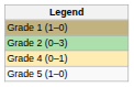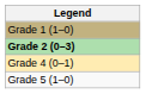 <table class="wikitable" style="font-size:85%;" width="11%">
 <tr>
 <th>Legend</th>
 </tr>
 <tr bgcolor="#C2B280">
 <td>Grade 1 (1–0)</td>
 </tr>
 <tr bgcolor="#ADDFAD">
-<td>Grade 2 (0–3)</td>
+<td><strong>Grade 2 (0–3)</strong></td>
 </tr>
 <tr bgcolor="#ffecb2">
 <td>Grade 4 (0–1)</td>
 </tr>
 <tr>
 <td>Grade 5 (1–0)</td>
 </tr>
 </table>
